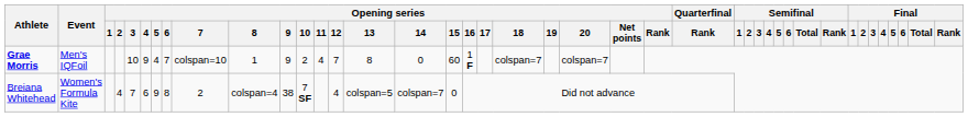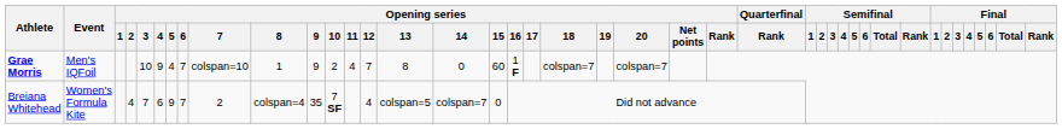 <table class=wikitable style=font-size:90%;text-align:center>
 <tr>
 <th rowspan=2>Athlete</th>
 <th rowspan=2>Event</th>
 <th colspan=22>Opening series</th>
 <th>Quarterfinal</th>
 <th colspan=8>Semifinal</th>
 <th colspan=8>Final</th>
 </tr>
 <tr style=font-size:95%>
 <th>1</th>
 <th>2</th>
 <th>3</th>
 <th>4</th>
 <th>5</th>
 <th>6</th>
 <th>7</th>
 <th>8</th>
 <th>9</th>
 <th>10</th>
 <th>11</th>
 <th>12</th>
 <th>13</th>
 <th>14</th>
 <th>15</th>
 <th>16</th>
 <th>17</th>
 <th>18</th>
 <th>19</th>
 <th>20</th>
 <th>Net points</th>
 <th>Rank</th>
 <th>Rank</th>
 <th>1</th>
 <th>2</th>
 <th>3</th>
 <th>4</th>
 <th>5</th>
 <th>6</th>
 <th>Total</th>
 <th>Rank</th>
 <th>1</th>
 <th>2</th>
 <th>3</th>
 <th>4</th>
 <th>5</th>
 <th>6</th>
 <th>Total</th>
 <th>Rank</th>
 </tr>
 <tr>
 <td align=left><strong><a href='#'>Grae Morris</a></strong></td>
 <td align=left><a href='#'>Men's IQFoil</a></td>
 <td></td>
 <td></td>
 <td>10</td>
 <td>9</td>
 <td>4</td>
 <td>7</td>
 <td>colspan=10 </td>
 <td>1</td>
 <td>9</td>
 <td>2</td>
 <td>4</td>
 <td>7</td>
 <td>8</td>
 <td>0</td>
 <td>60</td>
 <td>1 <strong>F</strong></td>
 <td></td>
 <td>colspan=7 </td>
 <td></td>
 <td>colspan=7 </td>
 <td></td>
 </tr>
 <tr>
 <td align=left><a href='#'>Breiana Whitehead</a></td>
 <td align=left><a href='#'>Women's Formula Kite</a></td>
 <td></td>
 <td>4</td>
 <td>7</td>
 <td>6</td>
 <td>9</td>
-<td>8</td>
+<td>7</td>
 <td>2</td>
 <td>colspan=4 </td>
-<td>38</td>
+<td>35</td>
 <td>7 <strong>SF</strong></td>
 <td></td>
 <td>4</td>
 <td>colspan=5 </td>
 <td>colspan=7 </td>
 <td>0</td>
 <td colspan=8>Did not advance</td>
 </tr>
 </table>
